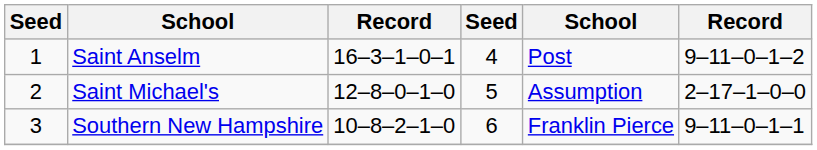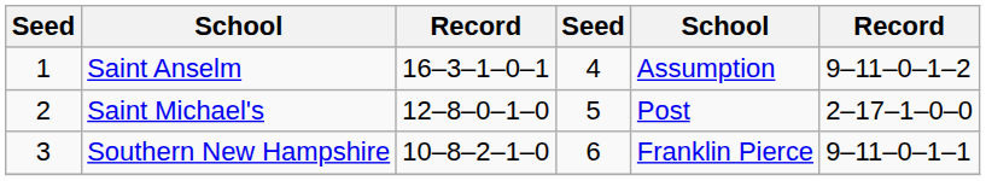 <table class="wikitable">
 <tr>
 <th>Seed</th>
 <th>School</th>
 <th>Record</th>
 <th>Seed</th>
 <th>School</th>
 <th>Record</th>
 </tr>
 <tr>
 <td align=center>1</td>
 <td><a href='#'>Saint Anselm</a></td>
 <td>16–3–1–0–1</td>
 <td align=center>4</td>
-<td><a href='#'>Post</a></td>
+<td><a href='#'>Assumption</a></td>
 <td>9–11–0–1–2</td>
 </tr>
 <tr>
 <td align=center>2</td>
 <td><a href='#'>Saint Michael's</a></td>
 <td>12–8–0–1–0</td>
 <td align=center>5</td>
-<td><a href='#'>Assumption</a></td>
+<td><a href='#'>Post</a></td>
 <td>2–17–1–0–0</td>
 </tr>
 <tr>
 <td align=center>3</td>
 <td><a href='#'>Southern New Hampshire</a></td>
 <td>10–8–2–1–0</td>
 <td align=center>6</td>
 <td><a href='#'>Franklin Pierce</a></td>
 <td>9–11–0–1–1</td>
 </tr>
 <tr>
 </tr>
 </table>
